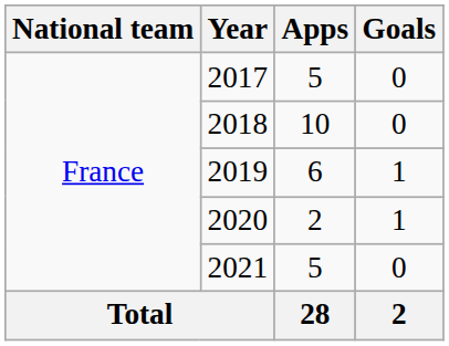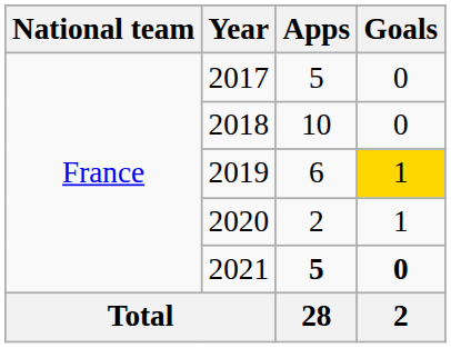 <table class="wikitable" style="text-align:center">
 <tr>
 <th>National team</th>
 <th>Year</th>
 <th>Apps</th>
 <th>Goals</th>
 </tr>
 <tr>
 <td rowspan="5"><a href='#'>France</a></td>
 <td>2017</td>
 <td>5</td>
 <td>0</td>
 </tr>
 <tr>
 <td>2018</td>
 <td>10</td>
 <td>0</td>
 </tr>
 <tr>
 <td>2019</td>
 <td>6</td>
-<td>1</td>
+<td style="background: gold;">1</td>
 </tr>
 <tr>
 <td>2020</td>
 <td>2</td>
 <td>1</td>
 </tr>
 <tr>
 <td>2021</td>
-<td>5</td>
-<td>0</td>
+<td><strong>5</strong></td>
+<td><strong>0</strong></td>
 </tr>
 <tr>
 <th colspan="2">Total</th>
 <th>28</th>
 <th>2</th>
 </tr>
 </table>
